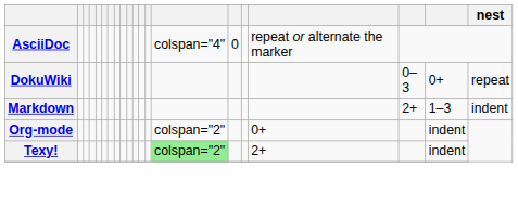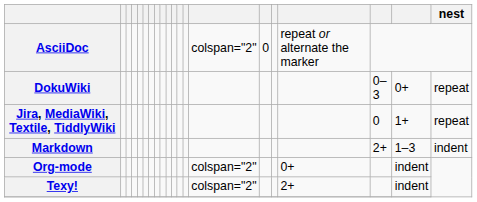 <table class="wikitable sortable sort-under">
 <tr>
 <th></th>
 <th><code></code></th>
 <th><code></code></th>
 <th><code></code></th>
 <th><code></code></th>
 <th><code></code></th>
 <th><code></code></th>
 <th><code></code></th>
 <th><code></code></th>
 <th><code></code></th>
 <th><code></code></th>
 <th><code></code></th>
 <th><code></code></th>
 <th></th>
 <th></th>
 <th></th>
 <th></th>
 <th></th>
 <th></th>
 <th>nest</th>
 </tr>
 <tr>
 <th><a href='#'>AsciiDoc</a></th>
 <td></td>
 <td></td>
 <td></td>
 <td></td>
 <td></td>
 <td></td>
 <td></td>
 <td></td>
 <td></td>
 <td></td>
 <td></td>
 <td></td>
-<td>colspan="4" </td>
+<td>colspan="2" </td>
 <td>0</td>
 <td></td>
 <td>repeat <em>or</em> alternate the marker</td>
 </tr>
 <tr>
 <th><a href='#'>DokuWiki</a></th>
 <td></td>
 <td></td>
 <td></td>
 <td></td>
 <td></td>
 <td></td>
 <td></td>
 <td></td>
 <td></td>
 <td></td>
 <td></td>
 <td></td>
 <td></td>
 <td></td>
 <td></td>
 <td></td>
 <td>0–3</td>
 <td>0+</td>
+<td>repeat</td>
+</tr>
+<tr>
+<th><a href='#'>Jira</a>, <a href='#'>MediaWiki</a>, <a href='#'>Textile</a>, <a href='#'>TiddlyWiki</a></th>
+<td></td>
+<td></td>
+<td></td>
+<td></td>
+<td></td>
+<td></td>
+<td></td>
+<td></td>
+<td></td>
+<td></td>
+<td></td>
+<td></td>
+<td></td>
+<td></td>
+<td></td>
+<td></td>
+<td>0</td>
+<td>1+</td>
 <td>repeat</td>
 </tr>
 <tr>
 <th><a href='#'>Markdown</a></th>
 <td></td>
 <td></td>
 <td></td>
 <td></td>
 <td></td>
 <td></td>
 <td></td>
 <td></td>
 <td></td>
 <td></td>
 <td></td>
 <td></td>
 <td></td>
 <td></td>
 <td></td>
 <td></td>
 <td>2+</td>
 <td>1–3</td>
 <td>indent</td>
 </tr>
 <tr>
 <th><a href='#'>Org-mode</a></th>
 <td></td>
 <td></td>
 <td></td>
 <td></td>
 <td></td>
 <td></td>
 <td></td>
 <td></td>
 <td></td>
 <td></td>
 <td></td>
 <td></td>
 <td>colspan="2" </td>
 <td></td>
 <td></td>
 <td>0+</td>
 <td></td>
 <td>indent</td>
 </tr>
 <tr>
 <th><a href='#'>Texy!</a></th>
 <td></td>
 <td></td>
 <td></td>
 <td></td>
 <td></td>
 <td></td>
 <td></td>
 <td></td>
 <td></td>
 <td></td>
 <td></td>
 <td></td>
-<td style="background: lightgreen;">colspan="2" </td>
+<td>colspan="2" </td>
 <td></td>
 <td></td>
 <td>2+</td>
 <td></td>
 <td>indent</td>
 </tr>
 <tr>
 </tr>
 </table>
